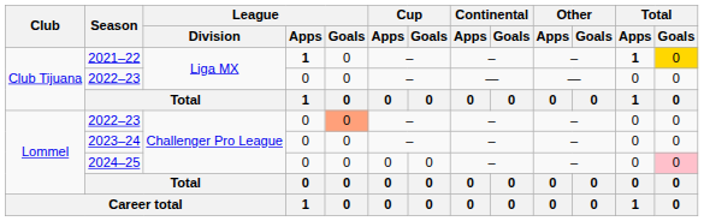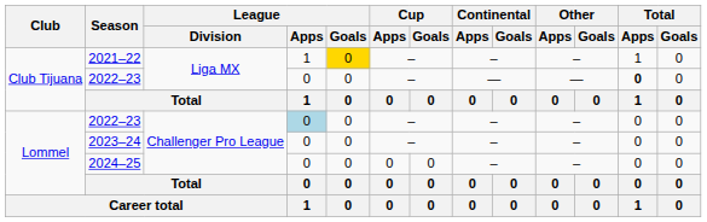 <table class="wikitable" style="text-align:center">
 <tr>
 <th rowspan="2">Club</th>
 <th rowspan="2">Season</th>
 <th colspan="3">League</th>
 <th colspan="2">Cup</th>
 <th colspan="2">Continental</th>
 <th colspan="2">Other</th>
 <th colspan="2">Total</th>
 </tr>
 <tr>
 <th>Division</th>
 <th>Apps</th>
 <th>Goals</th>
 <th>Apps</th>
 <th>Goals</th>
 <th>Apps</th>
 <th>Goals</th>
 <th>Apps</th>
 <th>Goals</th>
 <th>Apps</th>
 <th>Goals</th>
 </tr>
 <tr>
 <td rowspan="3"><a href='#'>Club Tijuana</a></td>
 <td><a href='#'>2021–22</a></td>
 <td rowspan="2"><a href='#'>Liga MX</a></td>
-<td><strong>1</strong></td>
-<td>0</td>
+<td>1</td>
+<td style="background: gold;">0</td>
 <td colspan="2">–</td>
 <td colspan="2">–</td>
 <td colspan="2">–</td>
-<td><strong>1</strong></td>
-<td style="background: gold;">0</td>
+<td>1</td>
+<td>0</td>
 </tr>
 <tr>
 <td><a href='#'>2022–23</a></td>
 <td>0</td>
 <td>0</td>
 <td colspan="2">–</td>
 <td colspan="2">—</td>
 <td colspan="2">—</td>
-<td>0</td>
+<td><strong>0</strong></td>
 <td>0</td>
 </tr>
 <tr>
 <th colspan="2">Total</th>
 <th>1</th>
 <th>0</th>
 <th>0</th>
 <th>0</th>
 <th>0</th>
 <th>0</th>
 <th>0</th>
 <th>0</th>
 <th>1</th>
 <th>0</th>
 </tr>
 <tr>
 <td rowspan="4"><a href='#'>Lommel</a></td>
 <td><a href='#'>2022–23</a></td>
 <td rowspan="3"><a href='#'>Challenger Pro League</a></td>
+<td style="background: lightblue;">0</td>
 <td>0</td>
-<td style="background: lightsalmon;">0</td>
 <td colspan="2">–</td>
 <td colspan="2">–</td>
 <td colspan="2">–</td>
 <td>0</td>
 <td>0</td>
 </tr>
 <tr>
 <td><a href='#'>2023–24</a></td>
 <td>0</td>
 <td>0</td>
 <td colspan="2">–</td>
 <td colspan="2">–</td>
 <td colspan="2">–</td>
 <td>0</td>
 <td>0</td>
 </tr>
 <tr>
 <td><a href='#'>2024–25</a></td>
 <td>0</td>
 <td>0</td>
 <td>0</td>
 <td>0</td>
 <td colspan="2">–</td>
 <td colspan="2">–</td>
 <td>0</td>
-<td style="background: pink;">0</td>
+<td>0</td>
 </tr>
 <tr>
 <th colspan="2">Total</th>
 <th>0</th>
 <th>0</th>
 <th>0</th>
 <th>0</th>
 <th>0</th>
 <th>0</th>
 <th>0</th>
 <th>0</th>
 <th>0</th>
 <th>0</th>
 </tr>
 <tr>
 <th colspan="3">Career total</th>
 <th>1</th>
 <th>0</th>
 <th>0</th>
 <th>0</th>
 <th>0</th>
 <th>0</th>
 <th>0</th>
 <th>0</th>
 <th>1</th>
 <th>0</th>
 </tr>
 </table>
